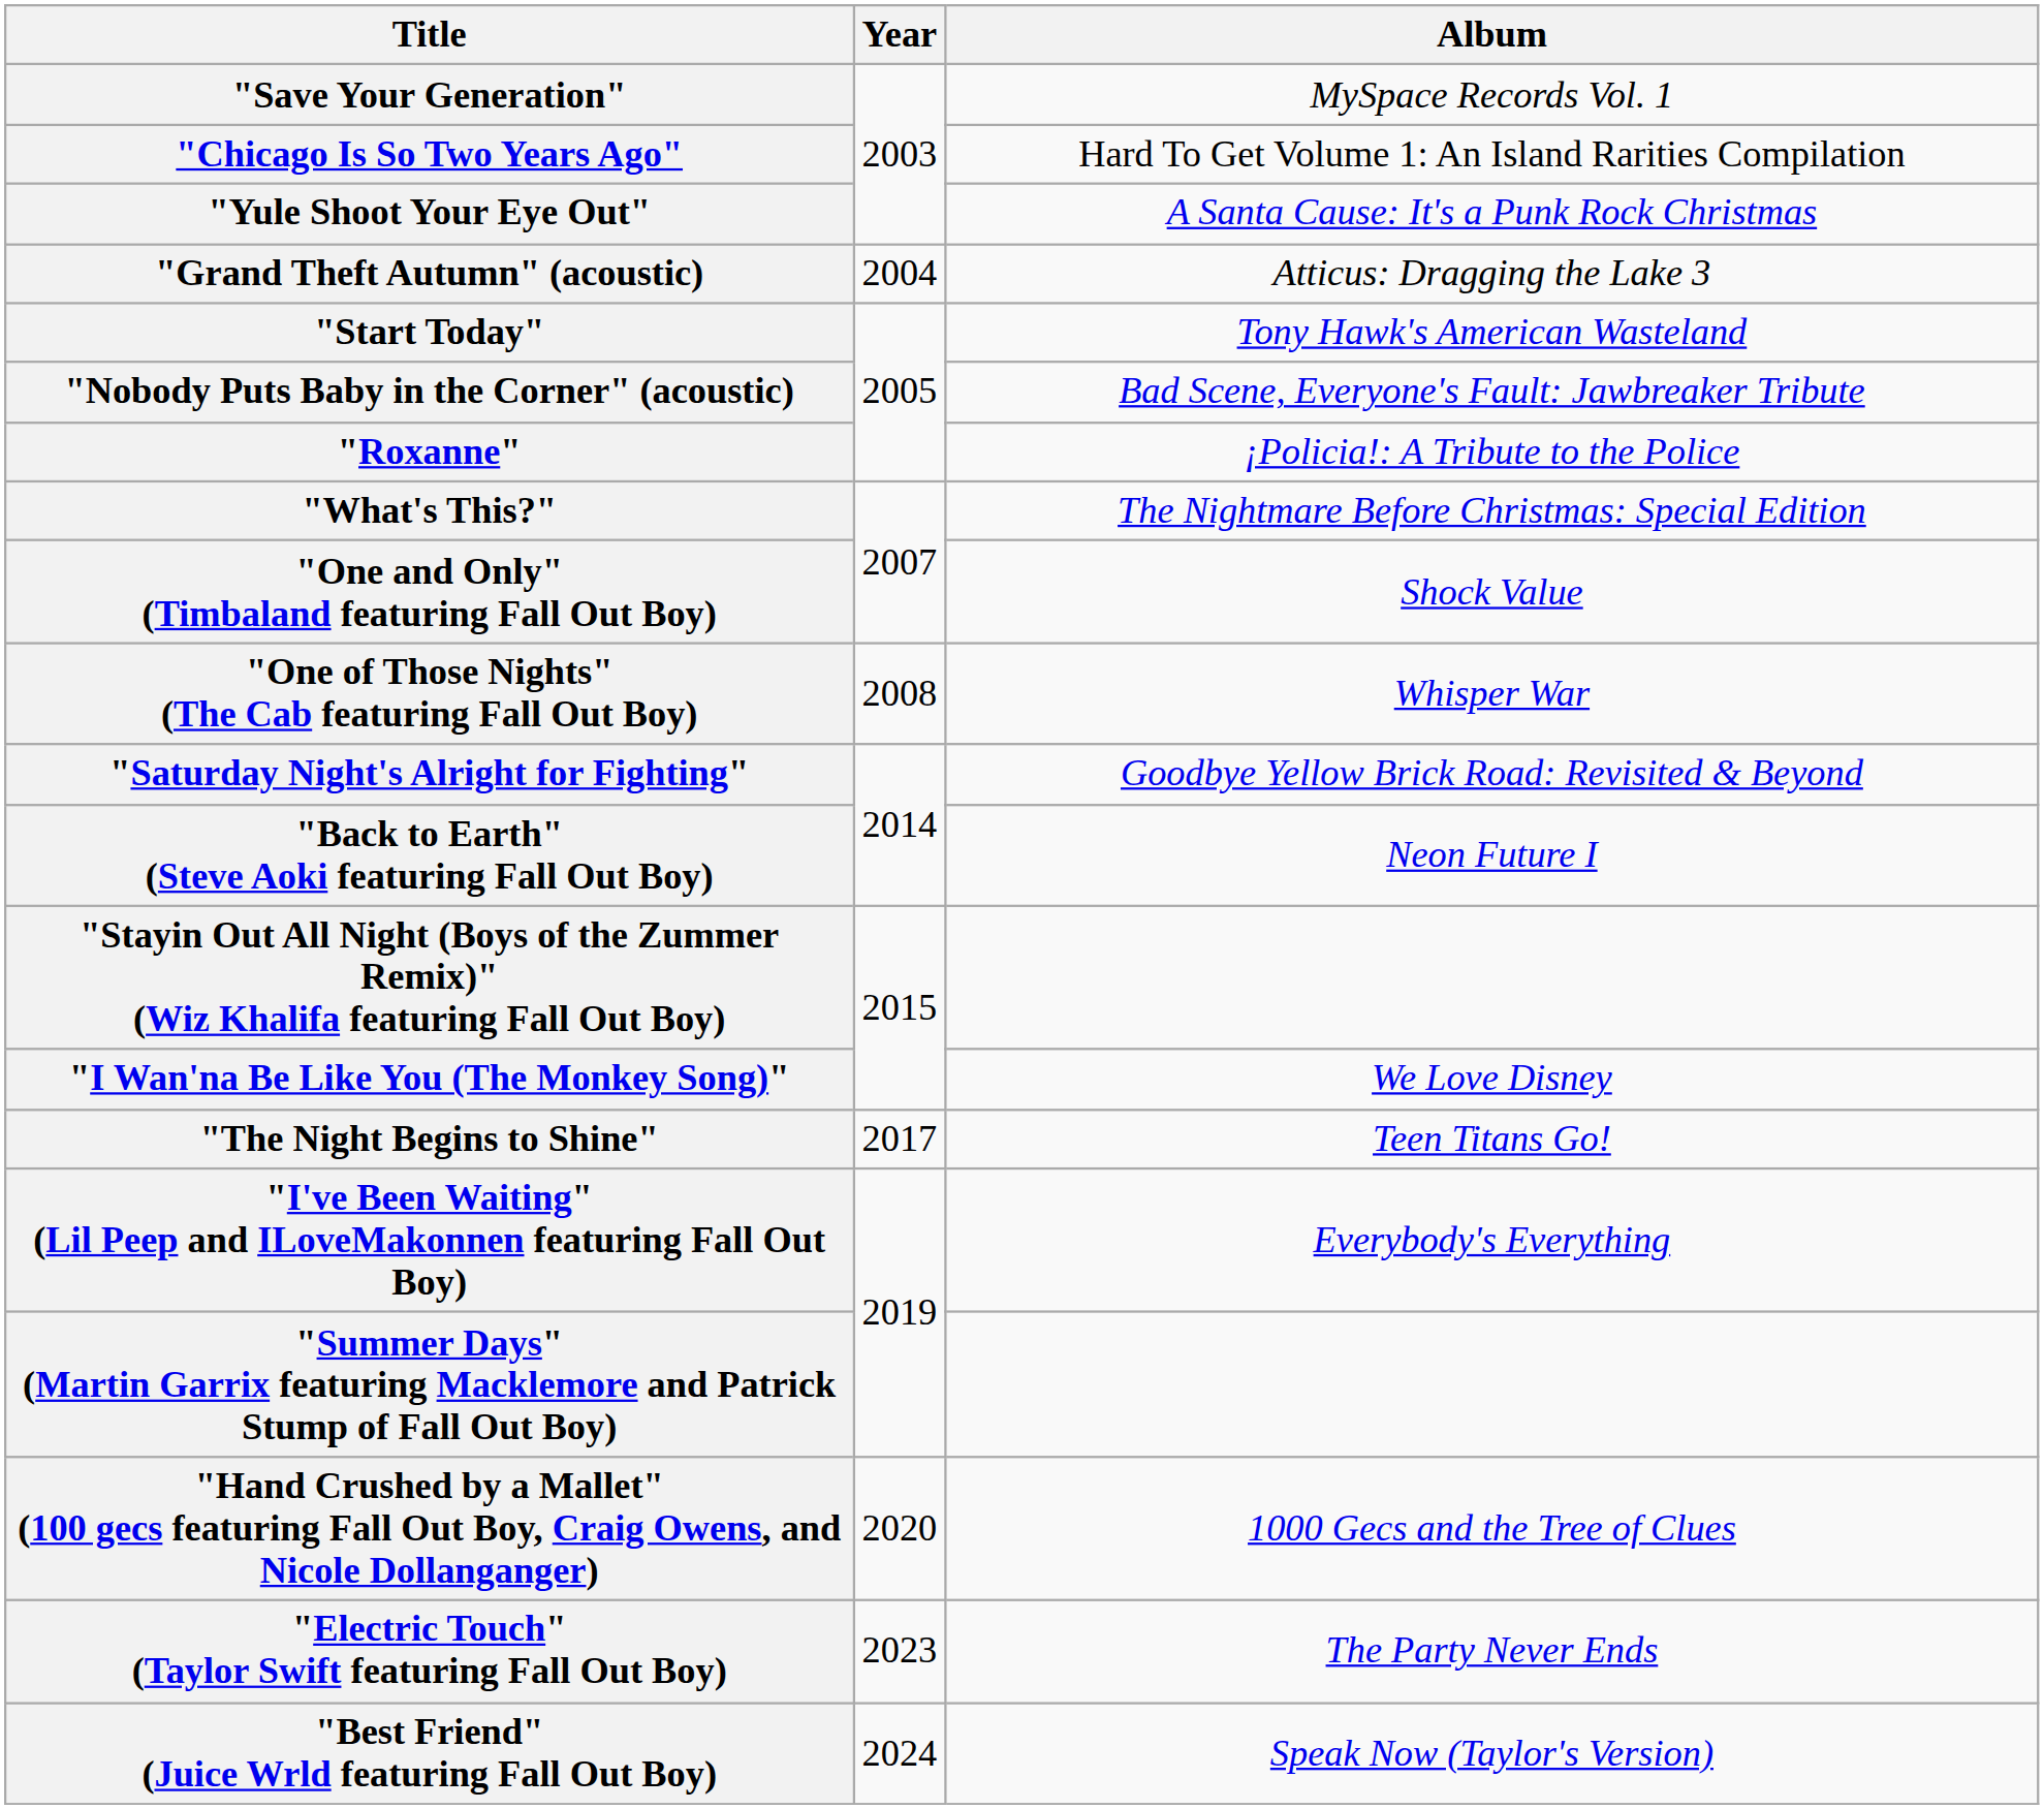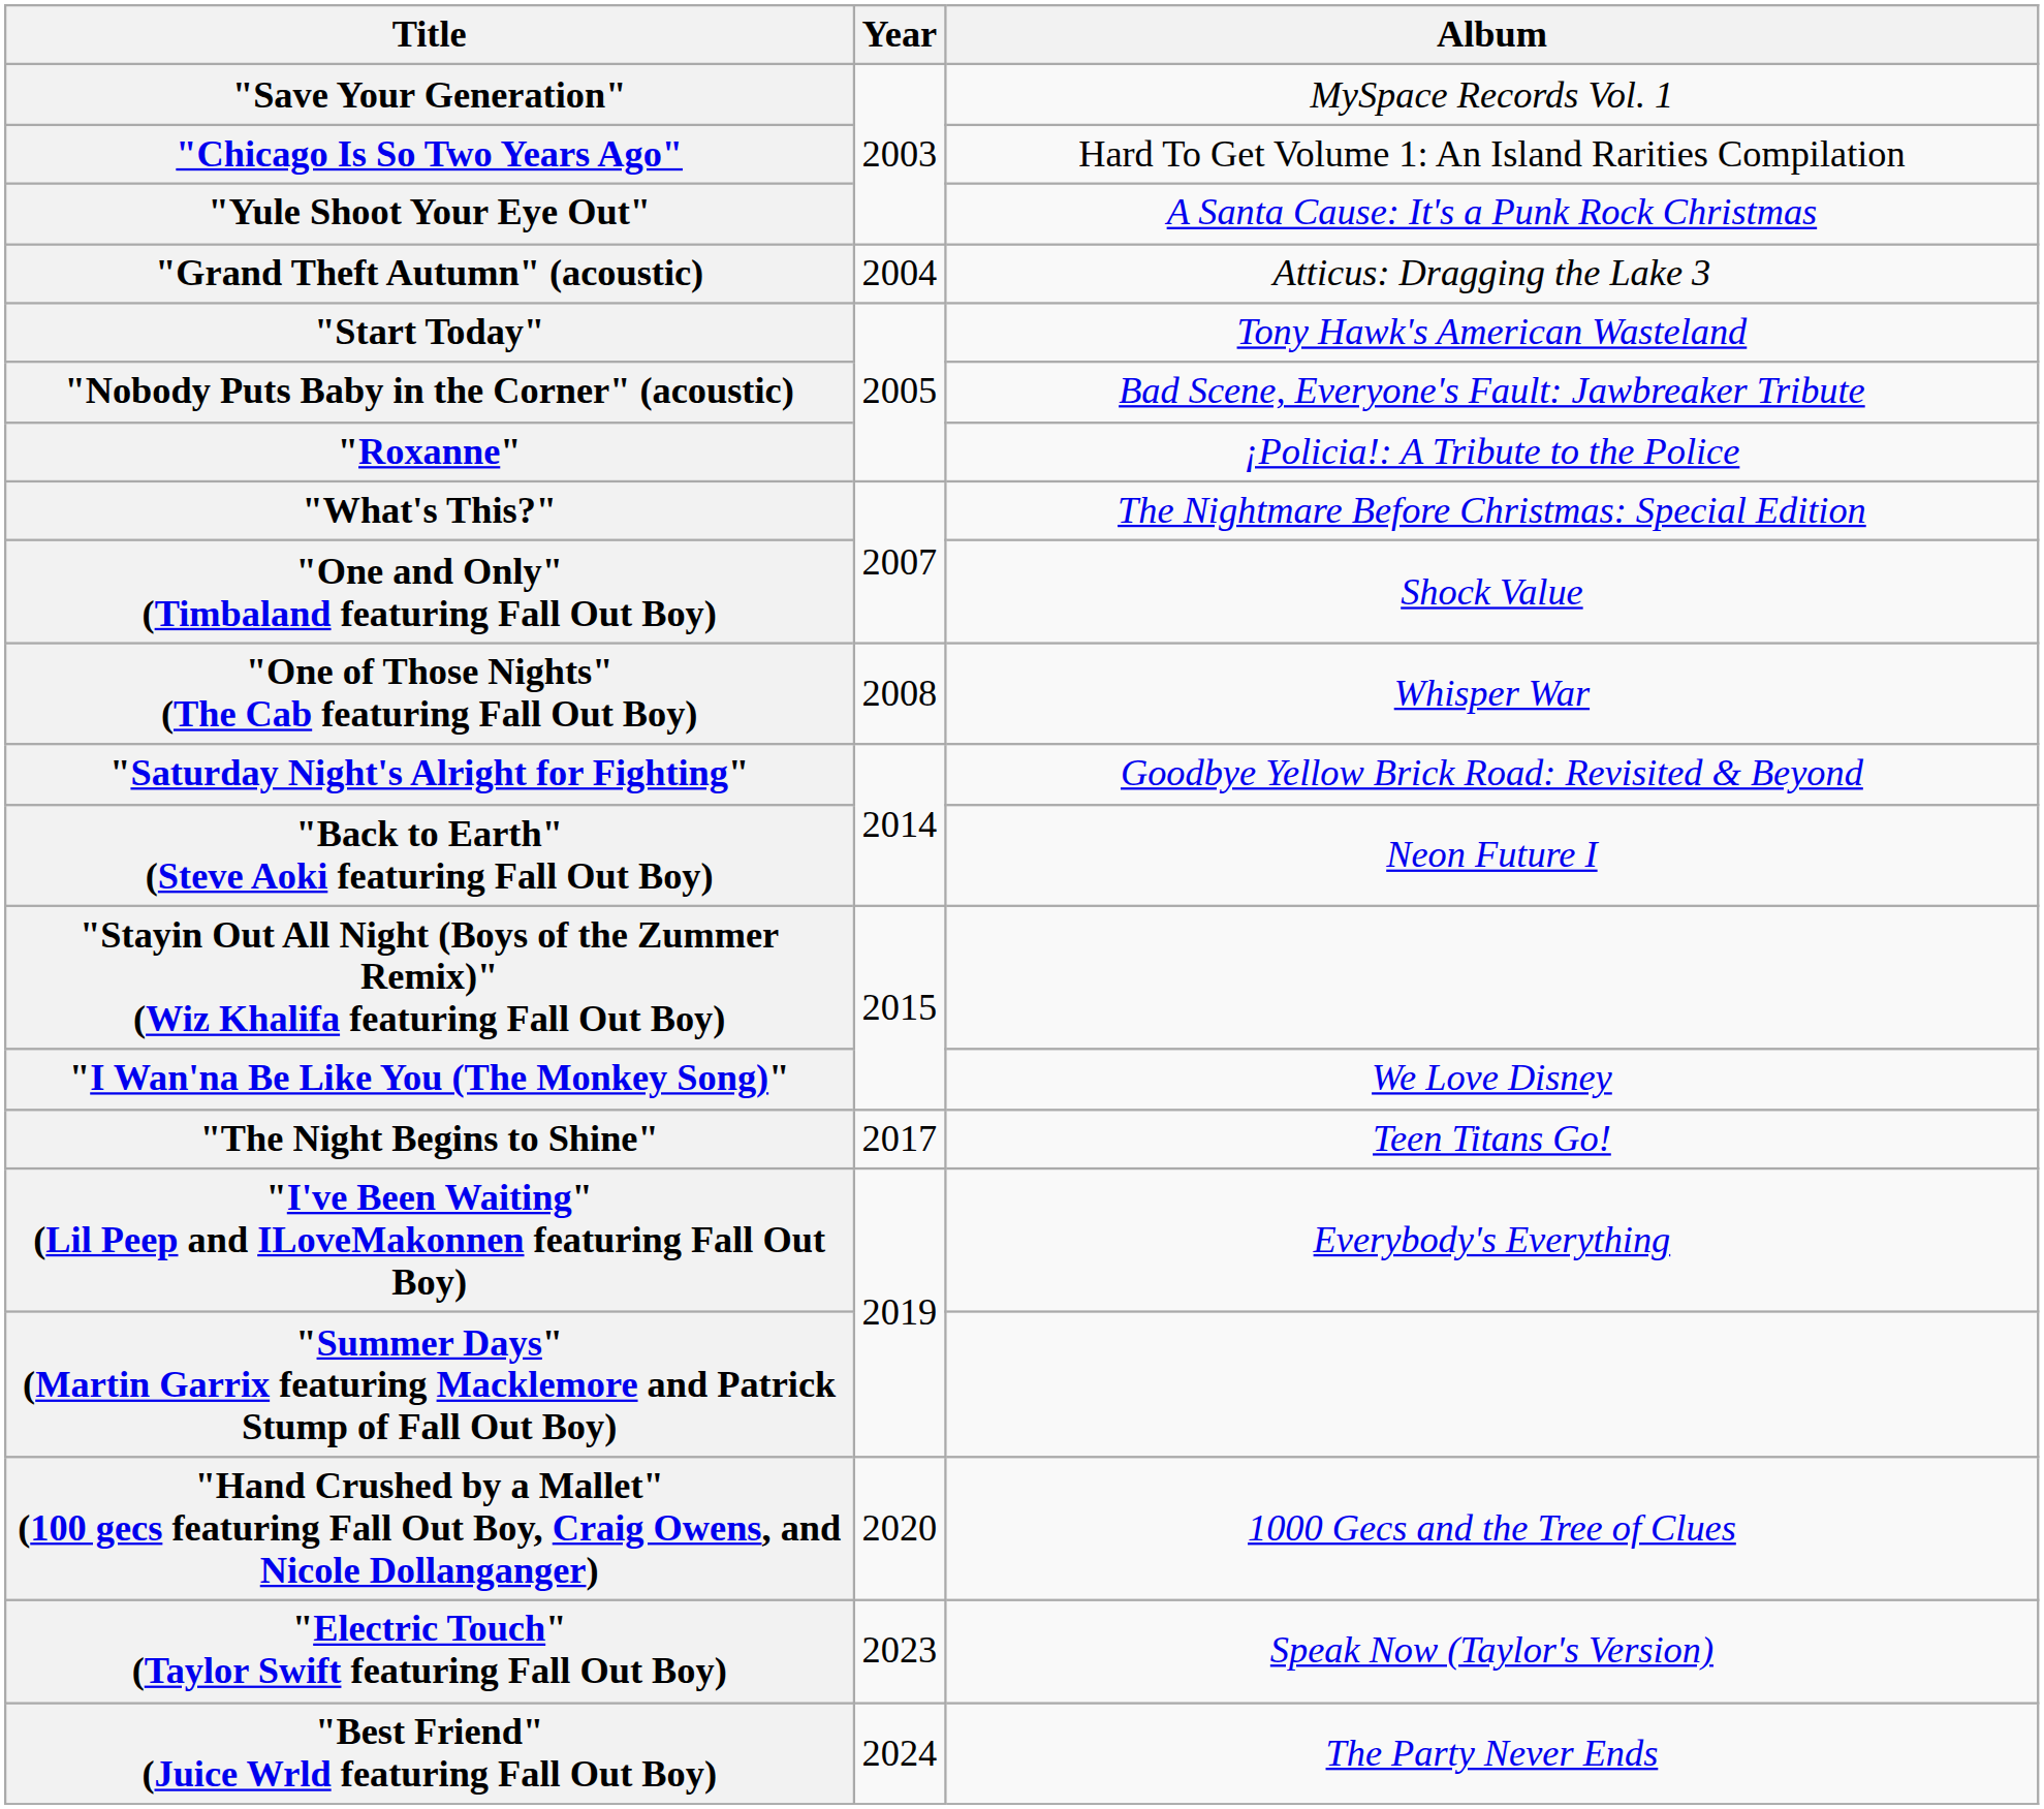 <table class="wikitable plainrowheaders" style="text-align:center;" border="1">
 <tr>
 <th scope="col" style="width:23em;">Title</th>
 <th scope="col">Year</th>
 <th scope="col" style="width:30em;">Album</th>
 </tr>
 <tr>
 <th scope="row">"Save Your Generation"</th>
 <td rowspan="3">2003</td>
 <td><em>MySpace Records Vol. 1</em></td>
 </tr>
 <tr>
 <th scope="row"><a href='#'>"Chicago Is So Two Years Ago"</a></th>
 <td>Hard To Get Volume 1: An Island Rarities Compilation</td>
 </tr>
 <tr>
 <th scope="row">"Yule Shoot Your Eye Out"</th>
 <td><em><a href='#'>A Santa Cause: It's a Punk Rock Christmas</a></em></td>
 </tr>
 <tr>
 <th scope="row">"Grand Theft Autumn" (acoustic)</th>
 <td>2004</td>
 <td><em>Atticus: Dragging the Lake 3</em></td>
 </tr>
 <tr>
 <th scope="row">"Start Today"</th>
 <td rowspan="3">2005</td>
 <td><em><a href='#'>Tony Hawk's American Wasteland</a></em></td>
 </tr>
 <tr>
 <th scope="row">"Nobody Puts Baby in the Corner" (acoustic)</th>
 <td><em><a href='#'>Bad Scene, Everyone's Fault: Jawbreaker Tribute</a></em></td>
 </tr>
 <tr>
 <th scope="row">"<a href='#'>Roxanne</a>"</th>
 <td><em><a href='#'>¡Policia!: A Tribute to the Police</a></em></td>
 </tr>
 <tr>
 <th scope="row">"What's This?"</th>
 <td rowspan="2">2007</td>
 <td><em><a href='#'>The Nightmare Before Christmas: Special Edition</a></em></td>
 </tr>
 <tr>
 <th scope="row">"One and Only"<br><span>(<a href='#'>Timbaland</a> featuring Fall Out Boy)</span></th>
 <td><em><a href='#'>Shock Value</a></em></td>
 </tr>
 <tr>
 <th scope ="row">"One of Those Nights"<br><span>(<a href='#'>The Cab</a> featuring Fall Out Boy)</span></th>
 <td>2008</td>
 <td><em><a href='#'>Whisper War</a></em></td>
 </tr>
 <tr>
 <th scope="row">"<a href='#'>Saturday Night's Alright for Fighting</a>"</th>
 <td rowspan="2">2014</td>
 <td><em><a href='#'>Goodbye Yellow Brick Road: Revisited & Beyond</a></em></td>
 </tr>
 <tr>
 <th scope="row">"Back to Earth" <br><span>(<a href='#'>Steve Aoki</a> featuring Fall Out Boy)</span></th>
 <td><em><a href='#'>Neon Future I</a></em></td>
 </tr>
 <tr>
 <th scope="row">"Stayin Out All Night (Boys of the Zummer Remix)"<br><span>(<a href='#'>Wiz Khalifa</a> featuring Fall Out Boy)</span></th>
 <td rowspan="2">2015</td>
 <td></td>
 </tr>
 <tr>
 <th scope="row">"<a href='#'>I Wan'na Be Like You (The Monkey Song)</a>"</th>
 <td><em><a href='#'>We Love Disney</a></em></td>
 </tr>
 <tr>
 <th scope="row">"The Night Begins to Shine"</th>
 <td>2017</td>
 <td><em><a href='#'>Teen Titans Go!</a></em></td>
 </tr>
 <tr>
 <th scope="row">"<a href='#'>I've Been Waiting</a>"<br><span>(<a href='#'>Lil Peep</a> and <a href='#'>ILoveMakonnen</a> featuring Fall Out Boy)</span></th>
 <td rowspan="2">2019</td>
 <td><em><a href='#'>Everybody's Everything</a></em></td>
 </tr>
 <tr>
 <th scope="row">"<a href='#'>Summer Days</a>"<br><span>(<a href='#'>Martin Garrix</a> featuring <a href='#'>Macklemore</a> and Patrick Stump of Fall Out Boy)</span></th>
 <td></td>
 </tr>
 <tr>
 <th scope="row">"Hand Crushed by a Mallet"<br><span>(<a href='#'>100 gecs</a> featuring Fall Out Boy, <a href='#'>Craig Owens</a>, and <a href='#'>Nicole Dollanganger</a>)</span></th>
 <td>2020</td>
 <td><em><a href='#'>1000 Gecs and the Tree of Clues</a></em></td>
 </tr>
 <tr>
 <th scope="row">"<a href='#'>Electric Touch</a>"<br><span>(<a href='#'>Taylor Swift</a> featuring Fall Out Boy)</span></th>
 <td>2023</td>
-<td><em><a href='#'>The Party Never Ends</a></em></td>
+<td><em><a href='#'>Speak Now (Taylor's Version)</a></em></td>
 </tr>
 <tr>
 <th scope="row">"Best Friend"<br><span>(<a href='#'>Juice Wrld</a> featuring Fall Out Boy)</span></th>
 <td>2024</td>
-<td><em><a href='#'>Speak Now (Taylor's Version)</a></em></td>
+<td><em><a href='#'>The Party Never Ends</a></em></td>
 </tr>
 </table>
